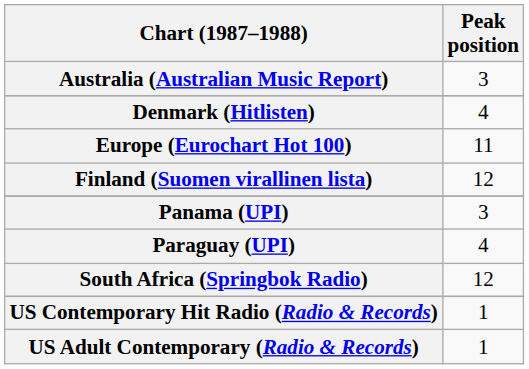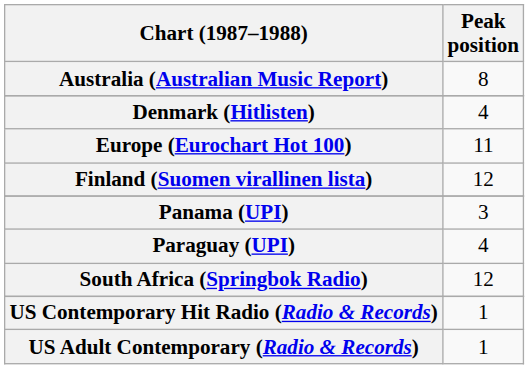 <table class="wikitable sortable plainrowheaders" style="text-align:center">
 <tr>
 <th scope="col">Chart (1987–1988)</th>
 <th scope="col">Peak<br>position</th>
 </tr>
 <tr>
 <th scope="row">Australia (<a href='#'>Australian Music Report</a>)</th>
-<td>3</td>
+<td>8</td>
 </tr>
 <tr>
 </tr>
 <tr>
 </tr>
 <tr>
 </tr>
 <tr>
 <th scope="row">Denmark (<a href='#'>Hitlisten</a>)</th>
 <td>4</td>
 </tr>
 <tr>
 <th scope="row">Europe (<a href='#'>Eurochart Hot 100</a>)</th>
 <td>11</td>
 </tr>
 <tr>
 <th scope="row">Finland (<a href='#'>Suomen virallinen lista</a>)</th>
 <td>12</td>
 </tr>
 <tr>
 </tr>
 <tr>
 </tr>
 <tr>
 </tr>
 <tr>
 </tr>
 <tr>
 <th scope="row">Panama (<a href='#'>UPI</a>)</th>
 <td>3</td>
 </tr>
 <tr>
 <th scope="row">Paraguay (<a href='#'>UPI</a>)</th>
 <td>4</td>
 </tr>
 <tr>
 <th scope="row">South Africa (<a href='#'>Springbok Radio</a>)</th>
 <td>12</td>
 </tr>
 <tr>
 </tr>
 <tr>
 </tr>
 <tr>
 </tr>
 <tr>
 </tr>
 <tr>
 <th scope="row">US Contemporary Hit Radio (<em><a href='#'>Radio & Records</a></em>)</th>
 <td>1</td>
 </tr>
 <tr>
 <th scope="row">US Adult Contemporary (<em><a href='#'>Radio & Records</a></em>)</th>
 <td>1</td>
 </tr>
 </table>
